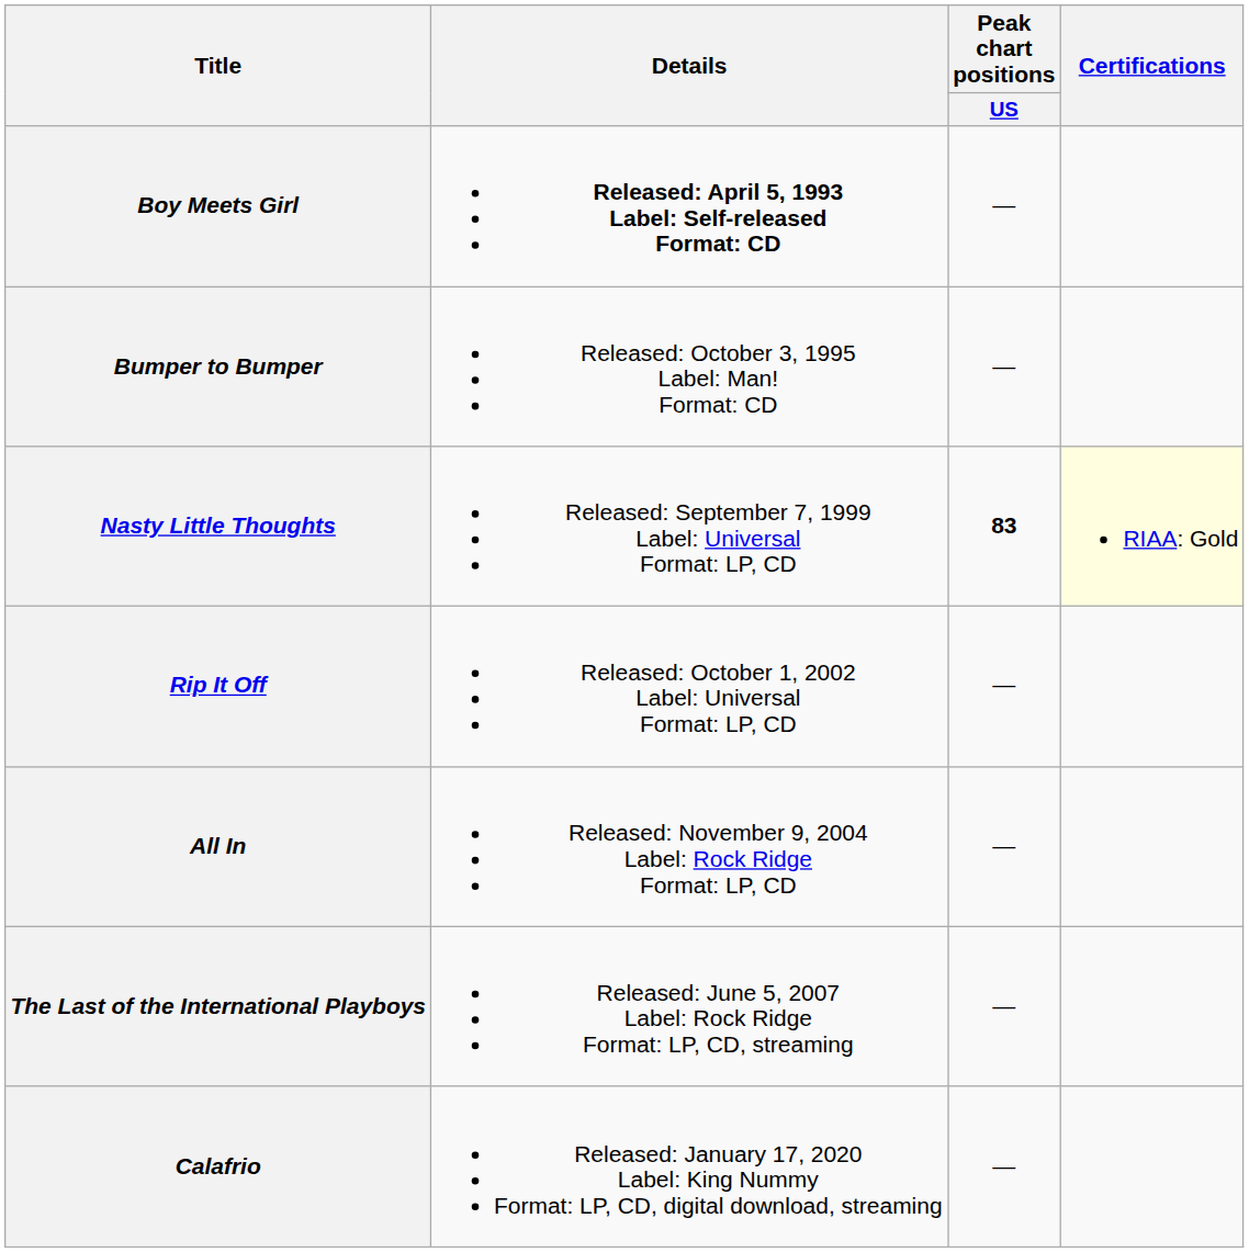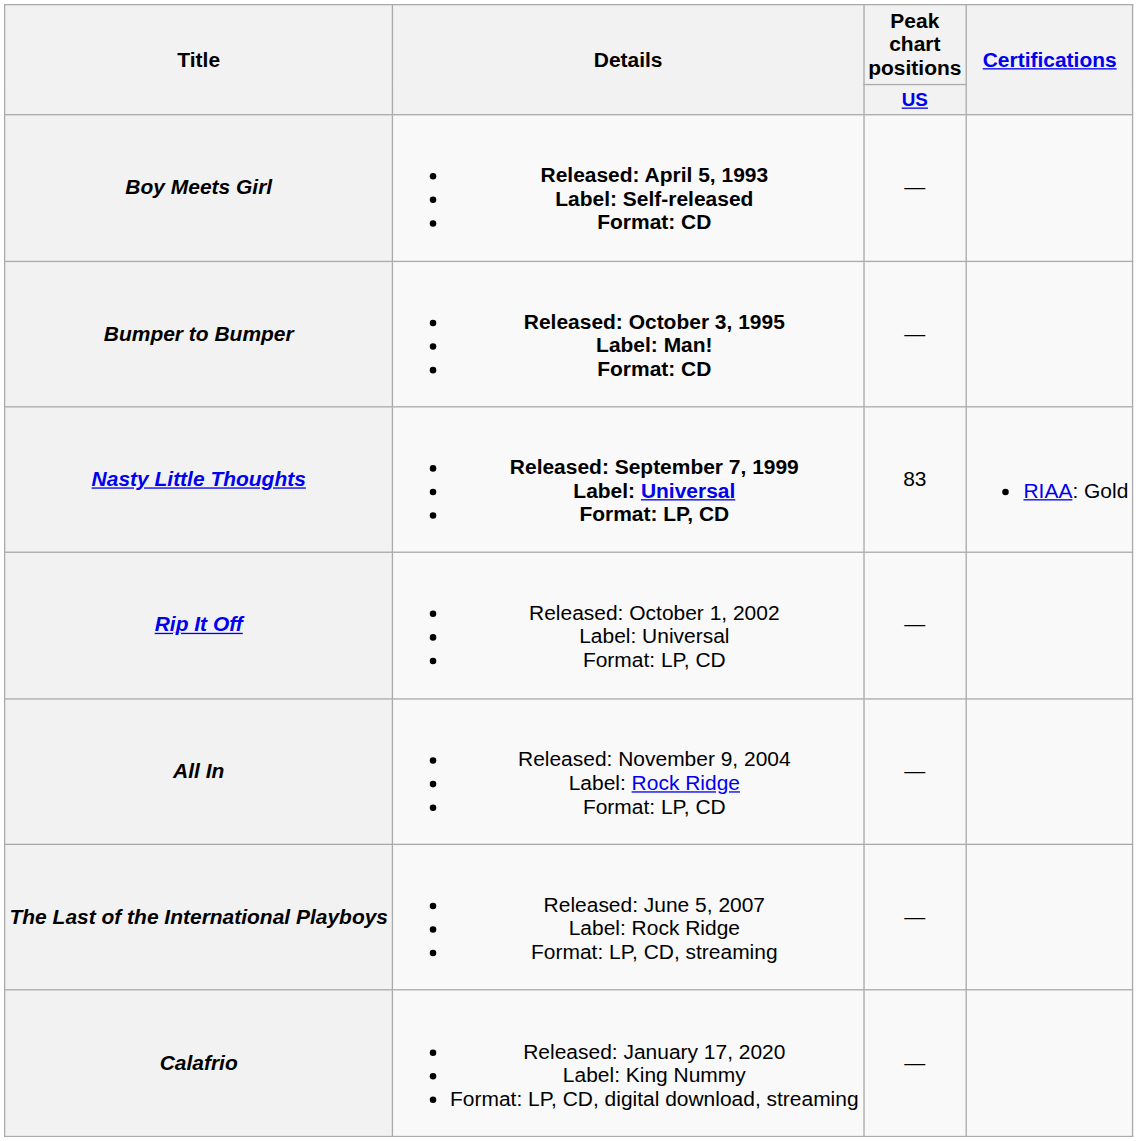 <table class="wikitable plainrowheaders" style="text-align:center;">
 <tr>
 <th rowspan="2">Title</th>
 <th rowspan="2">Details</th>
 <th>Peak chart positions</th>
 <th rowspan="2"><a href='#'>Certifications</a></th>
 </tr>
 <tr>
 <th scope="col" style="width:3em;font-size:90%;"><a href='#'>US</a><br></th>
 </tr>
 <tr>
 <th scope="row"><em>Boy Meets Girl</em></th>
 <td><strong><br><ul><li>Released: April 5, 1993</li><li>Label: Self-released</li><li>Format: CD</li></ul></strong></td>
 <td>—</td>
 <td></td>
 </tr>
 <tr>
 <th scope="row"><em>Bumper to Bumper</em></th>
-<td><br><ul><li>Released: October 3, 1995</li><li>Label: Man!</li><li>Format: CD</li></ul></td>
+<td><strong><br><ul><li>Released: October 3, 1995</li><li>Label: Man!</li><li>Format: CD</li></ul></strong></td>
 <td>—</td>
 <td></td>
 </tr>
 <tr>
 <th scope="row"><em><a href='#'>Nasty Little Thoughts</a></em></th>
-<td><br><ul><li>Released: September 7, 1999</li><li>Label: <a href='#'>Universal</a></li><li>Format: LP, CD</li></ul></td>
-<td><strong>83</strong></td>
-<td style="background: lightyellow;"><br><ul><li><a href='#'>RIAA</a>: Gold</li></ul></td>
+<td><strong><br><ul><li>Released: September 7, 1999</li><li>Label: <a href='#'>Universal</a></li><li>Format: LP, CD</li></ul></strong></td>
+<td>83</td>
+<td><br><ul><li><a href='#'>RIAA</a>: Gold</li></ul></td>
 </tr>
 <tr>
 <th scope="row"><em><a href='#'>Rip It Off</a></em></th>
 <td><br><ul><li>Released: October 1, 2002</li><li>Label: Universal</li><li>Format: LP, CD</li></ul></td>
 <td>—</td>
 <td></td>
 </tr>
 <tr>
 <th scope="row"><em>All In</em></th>
 <td><br><ul><li>Released: November 9, 2004</li><li>Label: <a href='#'>Rock Ridge</a></li><li>Format: LP, CD</li></ul></td>
 <td>—</td>
 <td></td>
 </tr>
 <tr>
 <th scope="row"><em>The Last of the International Playboys</em></th>
 <td><br><ul><li>Released: June 5, 2007</li><li>Label: Rock Ridge</li><li>Format: LP, CD, streaming</li></ul></td>
 <td>—</td>
 <td></td>
 </tr>
 <tr>
 <th scope="row"><em>Calafrio</em></th>
 <td><br><ul><li>Released: January 17, 2020</li><li>Label: King Nummy</li><li>Format: LP, CD, digital download, streaming</li></ul></td>
 <td>—</td>
 <td></td>
 </tr>
 </table>
